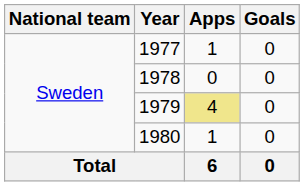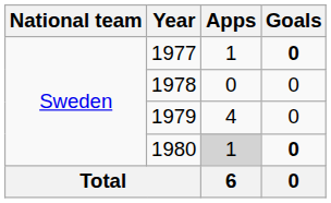 <table class="wikitable" style="text-align:center">
 <tr>
 <th>National team</th>
 <th>Year</th>
 <th>Apps</th>
 <th>Goals</th>
 </tr>
 <tr>
 <td rowspan="4"><a href='#'>Sweden</a></td>
 <td>1977</td>
 <td>1</td>
-<td>0</td>
+<td><strong>0</strong></td>
 </tr>
 <tr>
 <td>1978</td>
 <td>0</td>
 <td>0</td>
 </tr>
 <tr>
 <td>1979</td>
-<td style="background: khaki;">4</td>
+<td>4</td>
 <td>0</td>
 </tr>
 <tr>
 <td>1980</td>
-<td>1</td>
-<td>0</td>
+<td style="background: lightgrey;">1</td>
+<td><strong>0</strong></td>
 </tr>
 <tr>
 <th colspan="2">Total</th>
 <th>6</th>
 <th>0</th>
 </tr>
 </table>
